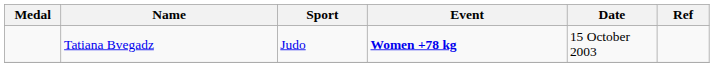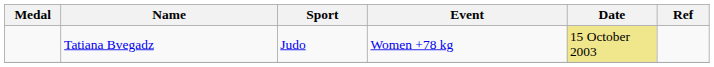 <table class="wikitable sortable" style="font-size:100%">
 <tr>
 <th width="60">Medal</th>
 <th width="250">Name</th>
 <th width="100">Sport</th>
 <th width="230">Event</th>
 <th width="100">Date</th>
 <th width="55">Ref</th>
 </tr>
 <tr>
 <td></td>
 <td><a href='#'>Tatiana Bvegadz</a></td>
 <td><a href='#'>Judo</a></td>
-<td><strong><a href='#'>Women +78 kg</a></strong></td>
-<td>15 October 2003</td>
+<td><a href='#'>Women +78 kg</a></td>
+<td style="background: khaki;">15 October 2003</td>
 <td></td>
 </tr>
 <tr>
 </tr>
 </table>
